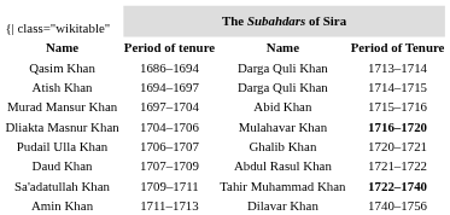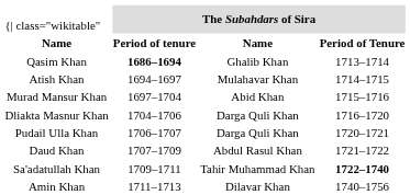 <table cellspacing="4">
 <tr>
 <td valign="top"><br>	{| class="wikitable"</td>
 <th colspan="4" bgcolor="#DDDDDD">The <em>Subahdars</em> of Sira</th>
 </tr>
 <tr>
 <th>Name</th>
 <th>Period of tenure</th>
 <th>Name</th>
 <th>Period of Tenure</th>
 </tr>
 <tr>
 <td align="center">Qasim Khan</td>
-<td align="center">1686–1694</td>
-<td align="center">Darga Quli Khan</td>
+<td align="center"><strong>1686–1694</strong></td>
+<td align="center">Ghalib Khan</td>
 <td align="center">1713–1714</td>
 </tr>
 <tr>
 <td align="center">Atish Khan</td>
 <td align="center">1694–1697</td>
-<td align="center">Darga Quli Khan</td>
+<td align="center">Mulahavar Khan</td>
 <td align="center">1714–1715</td>
 </tr>
 <tr>
 <td align="center">Murad Mansur Khan</td>
 <td align="center">1697–1704</td>
 <td align="center">Abid Khan</td>
 <td align="center">1715–1716</td>
 </tr>
 <tr>
 <td align="center">Dliakta Masnur Khan</td>
 <td align="center">1704–1706</td>
-<td align="center">Mulahavar Khan</td>
-<td align="center"><strong>1716–1720</strong></td>
+<td align="center">Darga Quli Khan</td>
+<td align="center">1716–1720</td>
 </tr>
 <tr>
 <td align="center">Pudail Ulla Khan</td>
 <td align="center">1706–1707</td>
-<td align="center">Ghalib Khan</td>
+<td align="center">Darga Quli Khan</td>
 <td align="center">1720–1721</td>
 </tr>
 <tr>
 <td align="center">Daud Khan</td>
 <td align="center">1707–1709</td>
 <td align="center">Abdul Rasul Khan</td>
 <td align="center">1721–1722</td>
 </tr>
 <tr>
 <td align="center">Sa'adatullah Khan</td>
 <td align="center">1709–1711</td>
 <td align="center">Tahir Muhammad Khan</td>
 <td align="center"><strong>1722–1740</strong></td>
 </tr>
 <tr>
 <td align="center">Amin Khan</td>
 <td align="center">1711–1713</td>
 <td align="center">Dilavar Khan</td>
 <td align="center">1740–1756</td>
 </tr>
 </table>
